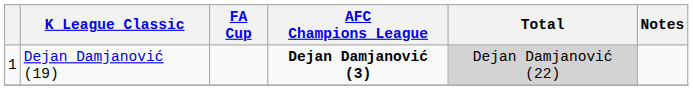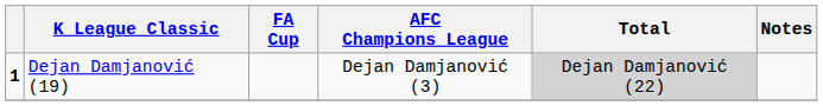 <table class="wikitable" style="text-align:center">
 <tr>
 <th></th>
 <th><a href='#'>K League Classic</a></th>
 <th><a href='#'>FA Cup</a></th>
 <th><a href='#'>AFC<br>Champions League</a></th>
 <th>Total</th>
 <th>Notes</th>
 </tr>
 <tr>
-<td>1</td>
+<td><strong>1</strong></td>
 <td align=left> <a href='#'>Dejan Damjanović</a> (19)</td>
 <td align=left></td>
-<td><strong>Dejan Damjanović (3)</strong></td>
+<td>Dejan Damjanović (3)</td>
 <td style="background: lightgrey;">Dejan Damjanović (22)</td>
 <td></td>
 </tr>
 <tr>
 </tr>
 </table>
